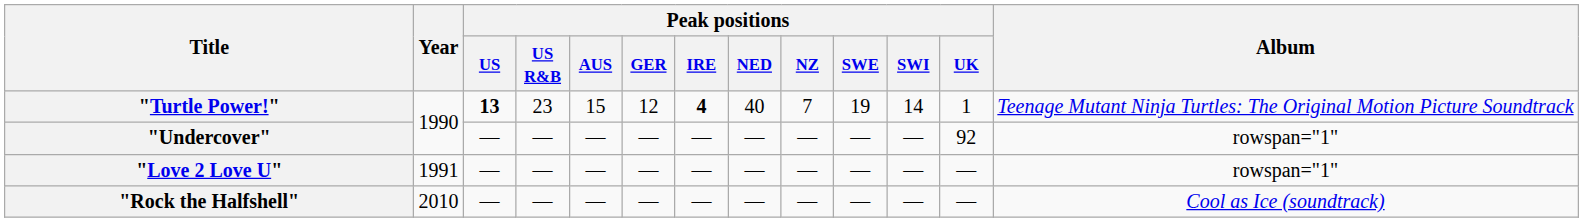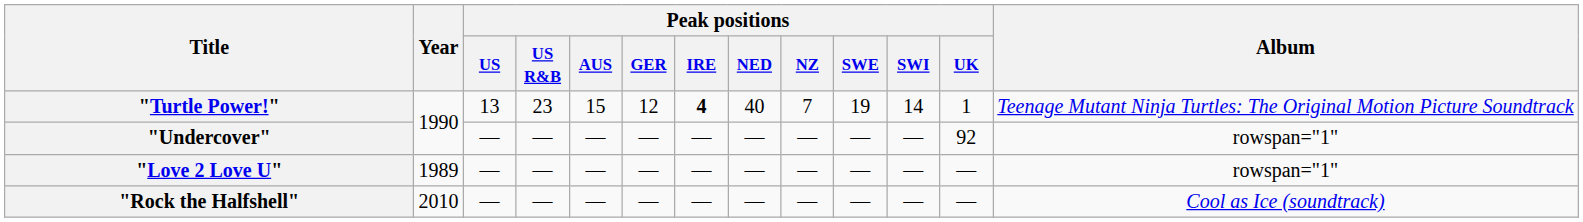 <table class="wikitable plainrowheaders" style="text-align:center;">
 <tr>
 <th rowspan="2" style="width:20em;">Title</th>
 <th rowspan="2">Year</th>
 <th colspan="10">Peak positions</th>
 <th rowspan="2">Album</th>
 </tr>
 <tr>
 <th width="35"><small><a href='#'>US</a></small><br></th>
 <th width="35"><small><a href='#'>US R&B</a></small><br></th>
 <th width="35"><small><a href='#'>AUS</a></small><br></th>
 <th width="35"><small><a href='#'>GER</a></small><br></th>
 <th width="35"><small><a href='#'>IRE</a></small><br></th>
 <th width="35"><small><a href='#'>NED</a></small><br></th>
 <th width="35"><small><a href='#'>NZ</a></small><br></th>
 <th width="35"><small><a href='#'>SWE</a></small><br></th>
 <th width="35"><small><a href='#'>SWI</a></small><br></th>
 <th width="35"><small><a href='#'>UK</a></small><br></th>
 </tr>
 <tr>
 <th scope="row">"<a href='#'>Turtle Power!</a>"</th>
 <td rowspan="2">1990</td>
-<td><strong>13</strong></td>
+<td>13</td>
 <td>23</td>
 <td>15</td>
 <td>12</td>
 <td><strong>4</strong></td>
 <td>40</td>
 <td>7</td>
 <td>19</td>
 <td>14</td>
 <td>1</td>
 <td align="left"><em><a href='#'>Teenage Mutant Ninja Turtles: The Original Motion Picture Soundtrack</a></em></td>
 </tr>
 <tr>
 <th scope="row">"Undercover"</th>
 <td>—</td>
 <td>—</td>
 <td>—</td>
 <td>—</td>
 <td>—</td>
 <td>—</td>
 <td>—</td>
 <td>—</td>
 <td>—</td>
 <td>92</td>
 <td>rowspan="1" </td>
 </tr>
 <tr>
 <th scope="row">"<a href='#'>Love 2 Love U</a>"</th>
-<td>1991</td>
+<td>1989</td>
 <td>—</td>
 <td>—</td>
 <td>—</td>
 <td>—</td>
 <td>—</td>
 <td>—</td>
 <td>—</td>
 <td>—</td>
 <td>—</td>
 <td>—</td>
 <td>rowspan="1" </td>
 </tr>
 <tr>
 <th scope="row">"Rock the Halfshell"</th>
 <td>2010</td>
 <td>—</td>
 <td>—</td>
 <td>—</td>
 <td>—</td>
 <td>—</td>
 <td>—</td>
 <td>—</td>
 <td>—</td>
 <td>—</td>
 <td>—</td>
 <td rowspan="1"><em><a href='#'>Cool as Ice (soundtrack)</a></em></td>
 </tr>
 </table>
